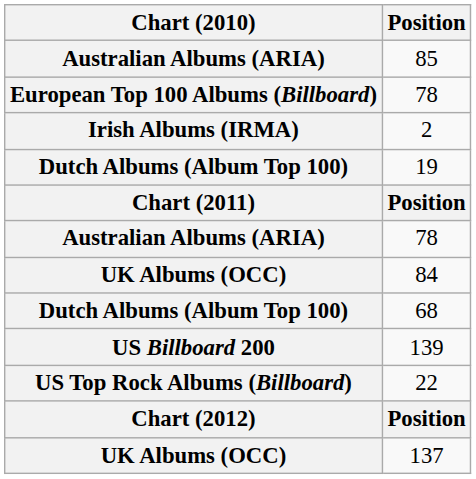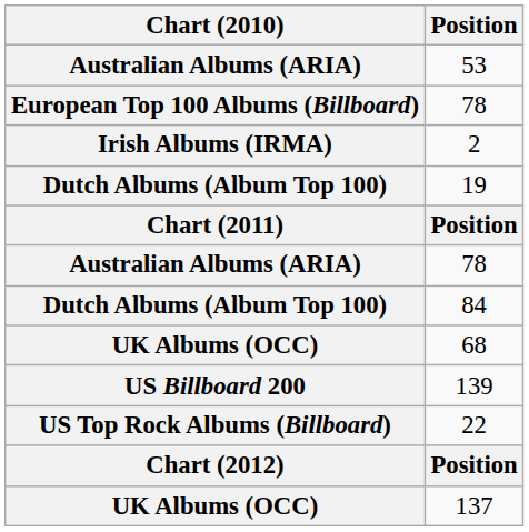 <table class="wikitable sortable plainrowheaders">
 <tr>
 <th>Chart (2010)</th>
 <th>Position</th>
 </tr>
 <tr>
 <th scope="row">Australian Albums (ARIA)</th>
-<td align="center">85</td>
+<td align="center">53</td>
 </tr>
 <tr>
 <th scope="row">European Top 100 Albums (<em>Billboard</em>)</th>
 <td align="center">78</td>
 </tr>
 <tr>
 <th scope="row">Irish Albums (IRMA)</th>
 <td align="center">2</td>
 </tr>
 <tr>
 <th scope="row">Dutch Albums (Album Top 100)</th>
 <td align="center">19</td>
 </tr>
 <tr>
 <th>Chart (2011)</th>
 <th>Position</th>
 </tr>
 <tr>
 <th scope="row">Australian Albums (ARIA)</th>
 <td align="center">78</td>
 </tr>
 <tr>
-<th scope="row">UK Albums (OCC)</th>
+<th scope="row">Dutch Albums (Album Top 100)</th>
 <td align="center">84</td>
 </tr>
 <tr>
-<th scope="row">Dutch Albums (Album Top 100)</th>
+<th scope="row">UK Albums (OCC)</th>
 <td align="center">68</td>
 </tr>
 <tr>
 <th scope="row">US <em>Billboard</em> 200</th>
 <td align="center">139</td>
 </tr>
 <tr>
 <th scope="row">US Top Rock Albums (<em>Billboard</em>)</th>
 <td align="center">22</td>
 </tr>
 <tr>
 <th>Chart (2012)</th>
 <th>Position</th>
 </tr>
 <tr>
 <th scope="row">UK Albums (OCC)</th>
 <td align="center">137</td>
 </tr>
 </table>
